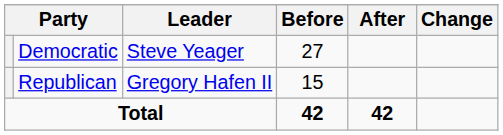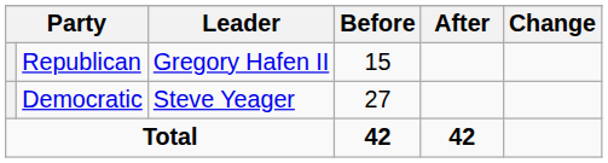 <table class="wikitable" style="text-align:center;">
 <tr>
 </tr>
 <tr>
 <th colspan="2">Party</th>
 <th>Leader</th>
 <th style="width:3em">Before</th>
 <th style="width:3em">After</th>
 <th style="width:3em">Change</th>
 </tr>
 <tr>
 <th style="background-color:"></th>
-<td style="text-align:left;"><a href='#'>Democratic</a></td>
-<td style="text-align:left;"><a href='#'>Steve Yeager</a></td>
-<td>27</td>
+<td style="text-align:left;"><a href='#'>Republican</a></td>
+<td style="text-align:left;"><a href='#'>Gregory Hafen II</a></td>
+<td>15</td>
 <td></td>
 <td></td>
 </tr>
 <tr>
 <th style="background-color:"></th>
-<td style="text-align:left;"><a href='#'>Republican</a></td>
-<td style="text-align:left;"><a href='#'>Gregory Hafen II</a></td>
-<td>15</td>
+<td style="text-align:left;"><a href='#'>Democratic</a></td>
+<td style="text-align:left;"><a href='#'>Steve Yeager</a></td>
+<td>27</td>
 <td></td>
 <td></td>
 </tr>
 <tr>
 <td colspan="3"><strong>Total</strong></td>
 <td><strong>42</strong></td>
 <td><strong>42</strong></td>
 <td></td>
 </tr>
 </table>
